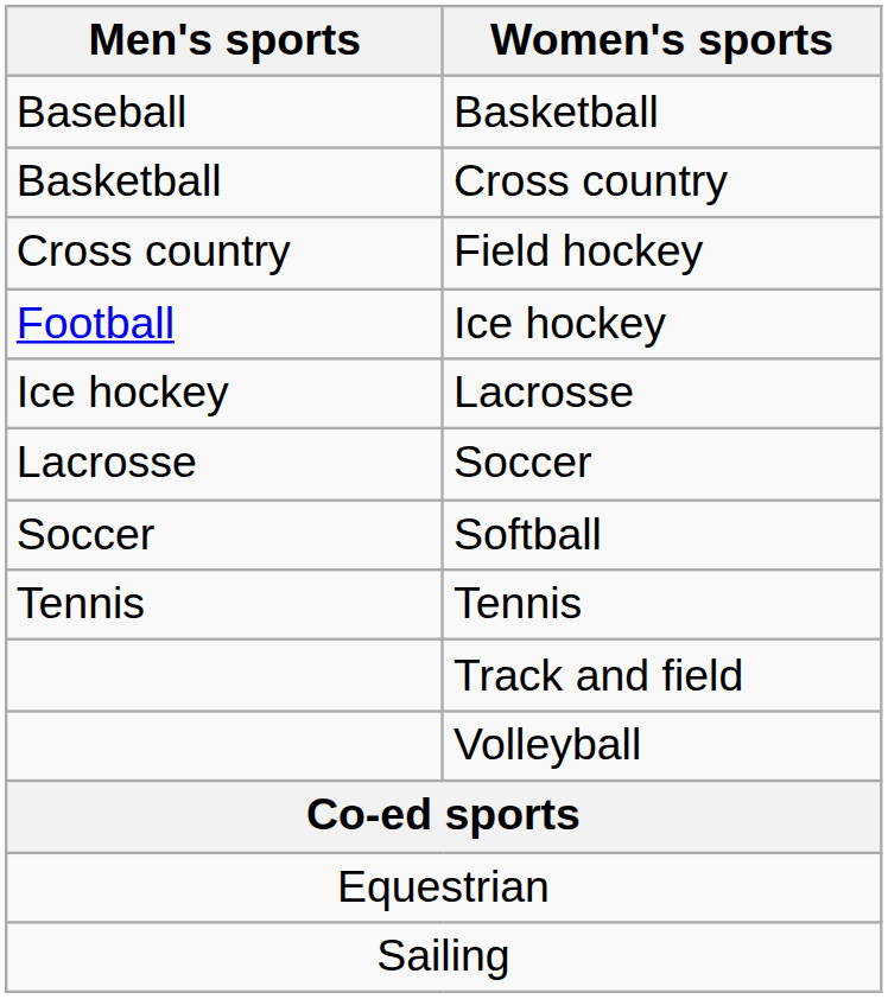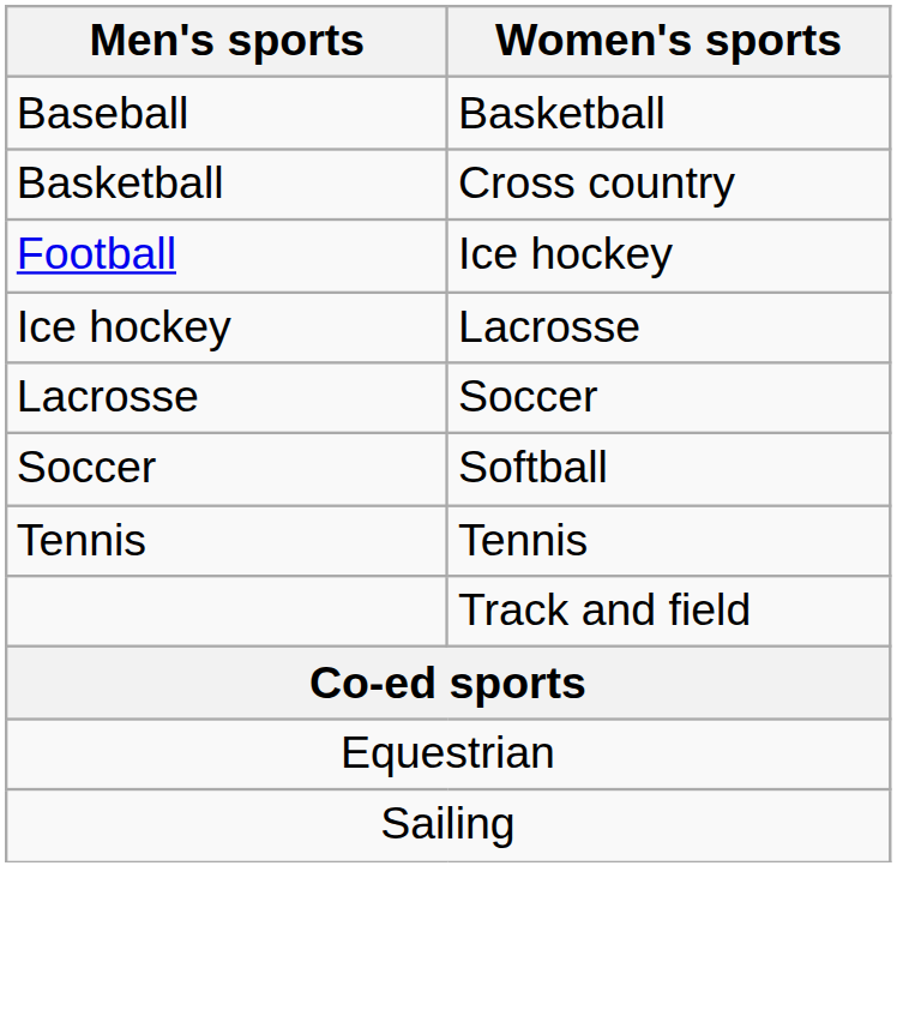 <table class="wikitable" style=" ">
 <tr>
 <th width=150px>Men's sports</th>
 <th width=150px>Women's sports</th>
 </tr>
 <tr>
 <td>Baseball</td>
 <td>Basketball</td>
 </tr>
 <tr>
 <td>Basketball</td>
 <td>Cross country</td>
-</tr>
-<tr>
-<td>Cross country</td>
-<td>Field hockey</td>
 </tr>
 <tr>
 <td><a href='#'>Football</a></td>
 <td>Ice hockey</td>
 </tr>
 <tr>
 <td>Ice hockey</td>
 <td>Lacrosse</td>
 </tr>
 <tr>
 <td>Lacrosse</td>
 <td>Soccer</td>
 </tr>
 <tr>
 <td>Soccer</td>
 <td>Softball</td>
 </tr>
 <tr>
 <td>Tennis</td>
 <td>Tennis</td>
 </tr>
 <tr>
 <td></td>
 <td>Track and field</td>
 </tr>
 <tr>
-<td></td>
-<td>Volleyball</td>
-</tr>
-<tr>
 <th colspan="2">Co-ed sports</th>
 </tr>
 <tr style="text-align:center">
 <td colspan="2">Equestrian</td>
 </tr>
 <tr style="text-align:center">
 <td colspan="2">Sailing</td>
 </tr>
 </table>
